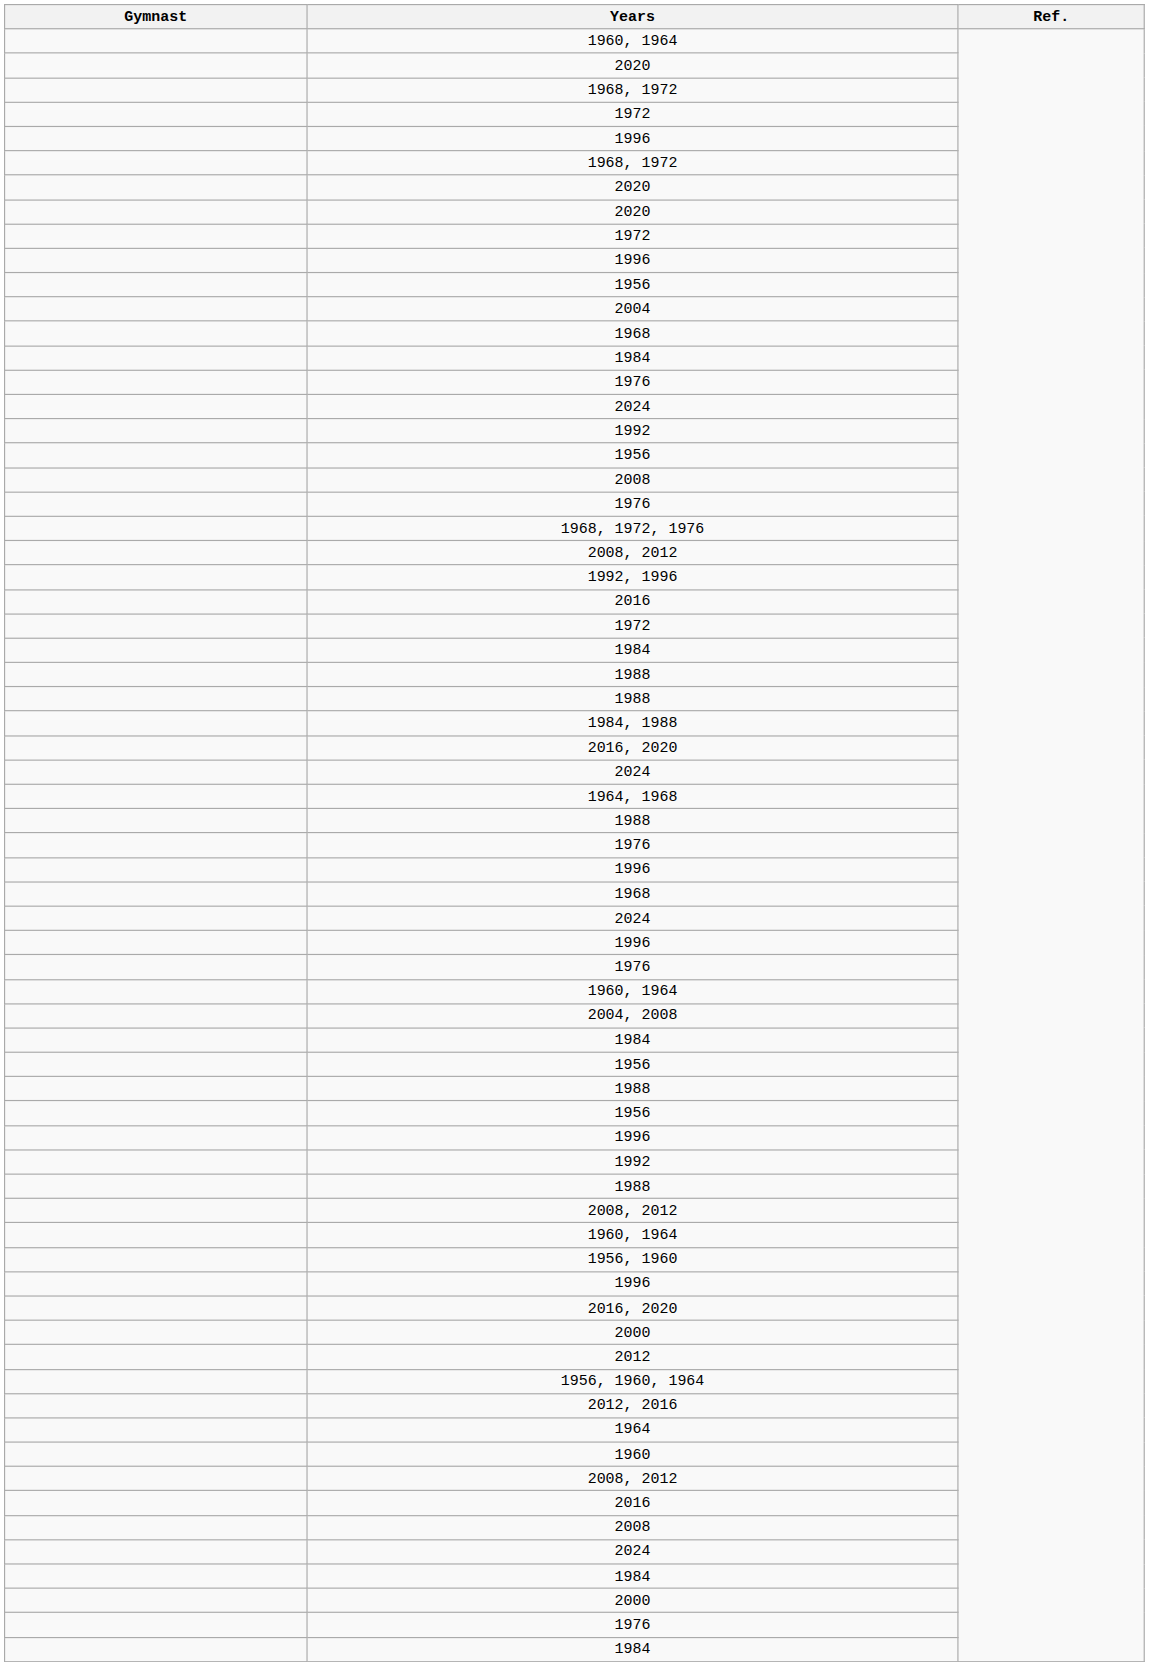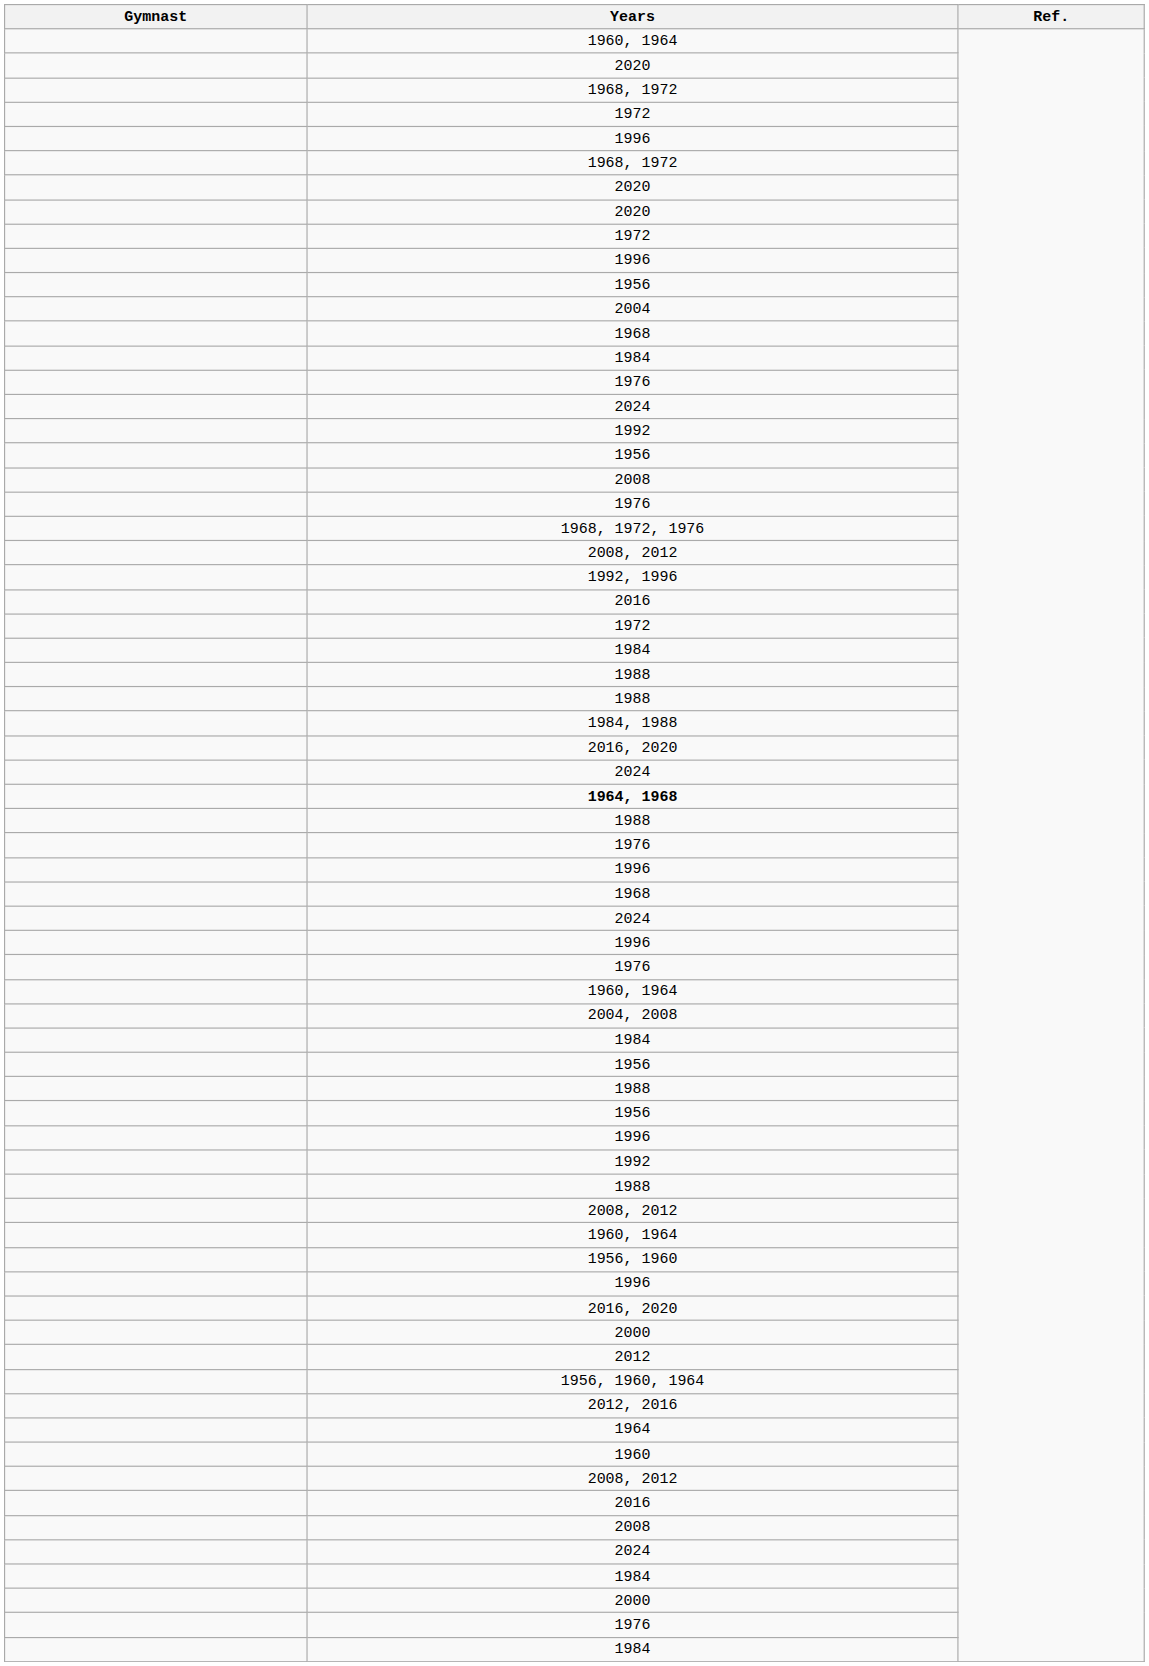 <table class="wikitable sortable" width=50% style="text-align:center;">
 <tr>
 <th>Gymnast</th>
 <th>Years</th>
 <th class="unsortable">Ref.</th>
 </tr>
 <tr>
 <td></td>
 <td>1960, 1964</td>
 <td rowspan="67"></td>
 </tr>
 <tr>
 <td></td>
 <td>2020</td>
 </tr>
 <tr>
 <td></td>
 <td>1968, 1972</td>
 </tr>
 <tr>
 <td></td>
 <td>1972</td>
 </tr>
 <tr>
 <td></td>
 <td>1996</td>
 </tr>
 <tr>
 <td></td>
 <td>1968, 1972</td>
 </tr>
 <tr>
 <td></td>
 <td>2020</td>
 </tr>
 <tr>
 <td></td>
 <td>2020</td>
 </tr>
 <tr>
 <td></td>
 <td>1972</td>
 </tr>
 <tr>
 <td></td>
 <td>1996</td>
 </tr>
 <tr>
 <td></td>
 <td>1956</td>
 </tr>
 <tr>
 <td></td>
 <td>2004</td>
 </tr>
 <tr>
 <td></td>
 <td>1968</td>
 </tr>
 <tr>
 <td></td>
 <td>1984</td>
 </tr>
 <tr>
 <td></td>
 <td>1976</td>
 </tr>
 <tr>
 <td></td>
 <td>2024</td>
 </tr>
 <tr>
 <td></td>
 <td>1992</td>
 </tr>
 <tr>
 <td></td>
 <td>1956</td>
 </tr>
 <tr>
 <td></td>
 <td>2008</td>
 </tr>
 <tr>
 <td></td>
 <td>1976</td>
 </tr>
 <tr>
 <td></td>
 <td>1968, 1972, 1976</td>
 </tr>
 <tr>
 <td></td>
 <td>2008, 2012</td>
 </tr>
 <tr>
 <td></td>
 <td>1992, 1996</td>
 </tr>
 <tr>
 <td></td>
 <td>2016</td>
 </tr>
 <tr>
 <td></td>
 <td>1972</td>
 </tr>
 <tr>
 <td></td>
 <td>1984</td>
 </tr>
 <tr>
 <td></td>
 <td>1988</td>
 </tr>
 <tr>
 <td></td>
 <td>1988</td>
 </tr>
 <tr>
 <td></td>
 <td>1984, 1988</td>
 </tr>
 <tr>
 <td></td>
 <td>2016, 2020</td>
 </tr>
 <tr>
 <td></td>
 <td>2024</td>
 </tr>
 <tr>
 <td></td>
-<td>1964, 1968</td>
+<td><strong>1964, 1968</strong></td>
 </tr>
 <tr>
 <td></td>
 <td>1988</td>
 </tr>
 <tr>
 <td></td>
 <td>1976</td>
 </tr>
 <tr>
 <td></td>
 <td>1996</td>
 </tr>
 <tr>
 <td></td>
 <td>1968</td>
 </tr>
 <tr>
 <td></td>
 <td>2024</td>
 </tr>
 <tr>
 <td></td>
 <td>1996</td>
 </tr>
 <tr>
 <td></td>
 <td>1976</td>
 </tr>
 <tr>
 <td></td>
 <td>1960, 1964</td>
 </tr>
 <tr>
 <td></td>
 <td>2004, 2008</td>
 </tr>
 <tr>
 <td></td>
 <td>1984</td>
 </tr>
 <tr>
 <td></td>
 <td>1956</td>
 </tr>
 <tr>
 <td></td>
 <td>1988</td>
 </tr>
 <tr>
 <td></td>
 <td>1956</td>
 </tr>
 <tr>
 <td></td>
 <td>1996</td>
 </tr>
 <tr>
 <td></td>
 <td>1992</td>
 </tr>
 <tr>
 <td></td>
 <td>1988</td>
 </tr>
 <tr>
 <td></td>
 <td>2008, 2012</td>
 </tr>
 <tr>
 <td></td>
 <td>1960, 1964</td>
 </tr>
 <tr>
 <td></td>
 <td>1956, 1960</td>
 </tr>
 <tr>
 <td></td>
 <td>1996</td>
 </tr>
 <tr>
 <td></td>
 <td>2016, 2020</td>
 </tr>
 <tr>
 <td></td>
 <td>2000</td>
 </tr>
 <tr>
 <td></td>
 <td>2012</td>
 </tr>
 <tr>
 <td></td>
 <td>1956, 1960, 1964</td>
 </tr>
 <tr>
 <td></td>
 <td>2012, 2016</td>
 </tr>
 <tr>
 <td></td>
 <td>1964</td>
 </tr>
 <tr>
 <td></td>
 <td>1960</td>
 </tr>
 <tr>
 <td></td>
 <td>2008, 2012</td>
 </tr>
 <tr>
 <td></td>
 <td>2016</td>
 </tr>
 <tr>
 <td></td>
 <td>2008</td>
 </tr>
 <tr>
 <td></td>
 <td>2024</td>
 </tr>
 <tr>
 <td></td>
 <td>1984</td>
 </tr>
 <tr>
 <td></td>
 <td>2000</td>
 </tr>
 <tr>
 <td></td>
 <td>1976</td>
 </tr>
 <tr>
 <td></td>
 <td>1984</td>
 </tr>
 </table>
